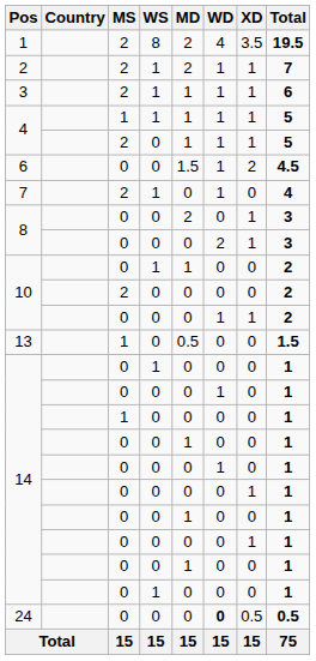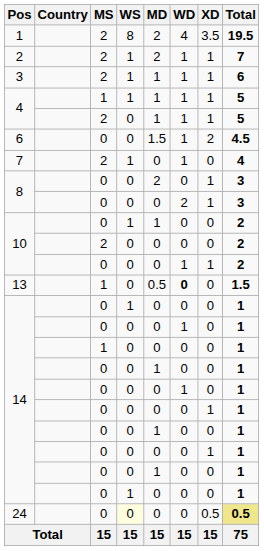 <table class="wikitable" style="text-align:center">
 <tr>
 <th>Pos</th>
 <th>Country</th>
 <th>MS</th>
 <th>WS</th>
 <th>MD</th>
 <th>WD</th>
 <th>XD</th>
 <th>Total</th>
 </tr>
 <tr>
 <td>1</td>
 <td align="left"><strong></strong></td>
 <td>2</td>
 <td>8</td>
 <td>2</td>
 <td>4</td>
 <td>3.5</td>
 <td><strong>19.5</strong></td>
 </tr>
 <tr>
 <td>2</td>
 <td align="left"></td>
 <td>2</td>
 <td>1</td>
 <td>2</td>
 <td>1</td>
 <td>1</td>
 <td><strong>7</strong></td>
 </tr>
 <tr>
 <td>3</td>
 <td align="left"></td>
 <td>2</td>
 <td>1</td>
 <td>1</td>
 <td>1</td>
 <td>1</td>
 <td><strong>6</strong></td>
 </tr>
 <tr>
 <td rowspan="2">4</td>
 <td align="left"></td>
 <td>1</td>
 <td>1</td>
 <td>1</td>
 <td>1</td>
 <td>1</td>
 <td><strong>5</strong></td>
 </tr>
 <tr>
 <td align="left"></td>
 <td>2</td>
 <td>0</td>
 <td>1</td>
 <td>1</td>
 <td>1</td>
 <td><strong>5</strong></td>
 </tr>
 <tr>
 <td>6</td>
 <td align="left"></td>
 <td>0</td>
 <td>0</td>
 <td>1.5</td>
 <td>1</td>
 <td>2</td>
 <td><strong>4.5</strong></td>
 </tr>
 <tr>
 <td>7</td>
 <td align="left"></td>
 <td>2</td>
 <td>1</td>
 <td>0</td>
 <td>1</td>
 <td>0</td>
 <td><strong>4</strong></td>
 </tr>
 <tr>
 <td rowspan="2">8</td>
 <td align="left"></td>
 <td>0</td>
 <td>0</td>
 <td>2</td>
 <td>0</td>
 <td>1</td>
 <td><strong>3</strong></td>
 </tr>
 <tr>
 <td align="left"></td>
 <td>0</td>
 <td>0</td>
 <td>0</td>
 <td>2</td>
 <td>1</td>
 <td><strong>3</strong></td>
 </tr>
 <tr>
 <td rowspan=3>10</td>
 <td align="left"></td>
 <td>0</td>
 <td>1</td>
 <td>1</td>
 <td>0</td>
 <td>0</td>
 <td><strong>2</strong></td>
 </tr>
 <tr>
 <td align="left"></td>
 <td>2</td>
 <td>0</td>
 <td>0</td>
 <td>0</td>
 <td>0</td>
 <td><strong>2</strong></td>
 </tr>
 <tr>
 <td align="left"></td>
 <td>0</td>
 <td>0</td>
 <td>0</td>
 <td>1</td>
 <td>1</td>
 <td><strong>2</strong></td>
 </tr>
 <tr>
 <td>13</td>
 <td align="left"></td>
 <td>1</td>
 <td>0</td>
 <td>0.5</td>
-<td>0</td>
+<td><strong>0</strong></td>
 <td>0</td>
 <td><strong>1.5</strong></td>
 </tr>
 <tr>
 <td rowspan="10">14</td>
 <td align="left"></td>
 <td>0</td>
 <td>1</td>
 <td>0</td>
 <td>0</td>
 <td>0</td>
 <td><strong>1</strong></td>
 </tr>
 <tr>
 <td align="left"></td>
 <td>0</td>
 <td>0</td>
 <td>0</td>
 <td>1</td>
 <td>0</td>
 <td><strong>1</strong></td>
 </tr>
 <tr>
 <td align="left"></td>
 <td>1</td>
 <td>0</td>
 <td>0</td>
 <td>0</td>
 <td>0</td>
 <td><strong>1</strong></td>
 </tr>
 <tr>
 <td align="left"></td>
 <td>0</td>
 <td>0</td>
 <td>1</td>
 <td>0</td>
 <td>0</td>
 <td><strong>1</strong></td>
 </tr>
 <tr>
 <td align="left"></td>
 <td>0</td>
 <td>0</td>
 <td>0</td>
 <td>1</td>
 <td>0</td>
 <td><strong>1</strong></td>
 </tr>
 <tr>
 <td align="left"></td>
 <td>0</td>
 <td>0</td>
 <td>0</td>
 <td>0</td>
 <td>1</td>
 <td><strong>1</strong></td>
 </tr>
 <tr>
 <td align="left"></td>
 <td>0</td>
 <td>0</td>
 <td>1</td>
 <td>0</td>
 <td>0</td>
 <td><strong>1</strong></td>
 </tr>
 <tr>
 <td align="left"></td>
 <td>0</td>
 <td>0</td>
 <td>0</td>
 <td>0</td>
 <td>1</td>
 <td><strong>1</strong></td>
 </tr>
 <tr>
 <td align="left"></td>
 <td>0</td>
 <td>0</td>
 <td>1</td>
 <td>0</td>
 <td>0</td>
 <td><strong>1</strong></td>
 </tr>
 <tr>
 <td align="left"></td>
 <td>0</td>
 <td>1</td>
 <td>0</td>
 <td>0</td>
 <td>0</td>
 <td><strong>1</strong></td>
 </tr>
 <tr>
 <td>24</td>
 <td align="left"></td>
 <td>0</td>
+<td style="background: lightyellow;">0</td>
 <td>0</td>
 <td>0</td>
-<td><strong>0</strong></td>
 <td>0.5</td>
-<td><strong>0.5</strong></td>
+<td style="background: khaki;"><strong>0.5</strong></td>
 </tr>
 <tr>
 <th colspan="2">Total</th>
 <th>15</th>
 <th>15</th>
 <th>15</th>
 <th>15</th>
 <th>15</th>
 <th>75</th>
 </tr>
 </table>
